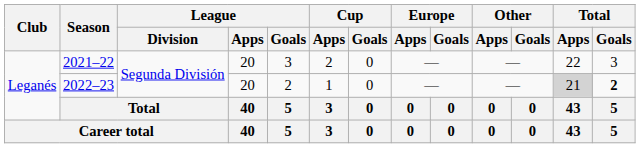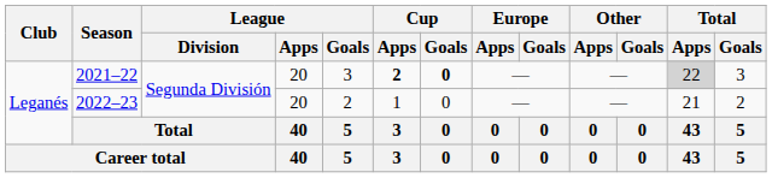 <table class="wikitable" style="text-align:center">
 <tr>
 <th rowspan="2">Club</th>
 <th rowspan="2">Season</th>
 <th colspan="3">League</th>
 <th colspan="2">Cup</th>
 <th colspan="2">Europe</th>
 <th colspan="2">Other</th>
 <th colspan="2">Total</th>
 </tr>
 <tr>
 <th>Division</th>
 <th>Apps</th>
 <th>Goals</th>
 <th>Apps</th>
 <th>Goals</th>
 <th>Apps</th>
 <th>Goals</th>
 <th>Apps</th>
 <th>Goals</th>
 <th>Apps</th>
 <th>Goals</th>
 </tr>
 <tr>
 <td rowspan="3"><a href='#'>Leganés</a></td>
 <td><a href='#'>2021–22</a></td>
 <td rowspan="2"><a href='#'>Segunda División</a></td>
 <td>20</td>
 <td>3</td>
-<td>2</td>
-<td>0</td>
+<td><strong>2</strong></td>
+<td><strong>0</strong></td>
 <td colspan="2">—</td>
 <td colspan="2">—</td>
-<td>22</td>
+<td style="background: lightgrey;">22</td>
 <td>3</td>
 </tr>
 <tr>
 <td><a href='#'>2022–23</a></td>
 <td>20</td>
 <td>2</td>
 <td>1</td>
 <td>0</td>
 <td colspan="2">—</td>
 <td colspan="2">—</td>
-<td style="background: lightgrey;">21</td>
-<td><strong>2</strong></td>
+<td>21</td>
+<td>2</td>
 </tr>
 <tr>
 <th colspan="2">Total</th>
 <th>40</th>
 <th>5</th>
 <th>3</th>
 <th>0</th>
 <th>0</th>
 <th>0</th>
 <th>0</th>
 <th>0</th>
 <th>43</th>
 <th>5</th>
 </tr>
 <tr>
 <th colspan="3">Career total</th>
 <th>40</th>
 <th>5</th>
 <th>3</th>
 <th>0</th>
 <th>0</th>
 <th>0</th>
 <th>0</th>
 <th>0</th>
 <th>43</th>
 <th>5</th>
 </tr>
 </table>
